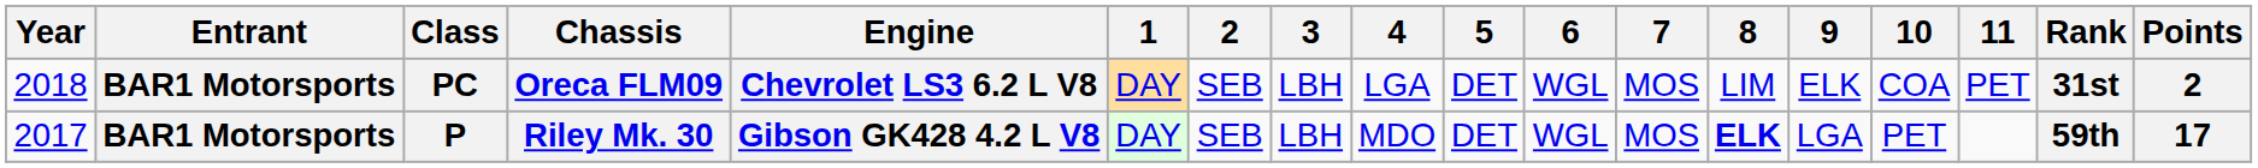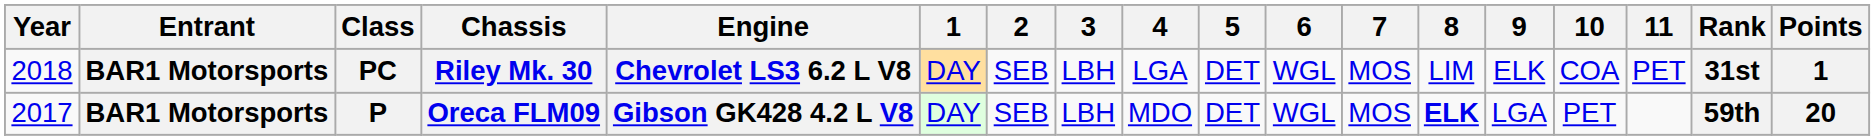 <table class="wikitable" style="text-align:center; font-size:90%">
 <tr>
 <th>Year</th>
 <th>Entrant</th>
 <th>Class</th>
 <th>Chassis</th>
 <th>Engine</th>
 <th>1</th>
 <th>2</th>
 <th>3</th>
 <th>4</th>
 <th>5</th>
 <th>6</th>
 <th>7</th>
 <th>8</th>
 <th>9</th>
 <th>10</th>
 <th>11</th>
 <th>Rank</th>
 <th>Points</th>
 </tr>
 <tr>
 <td><a href='#'>2018</a></td>
 <th>BAR1 Motorsports</th>
 <th>PC</th>
-<th><a href='#'>Oreca FLM09</a></th>
+<th><a href='#'>Riley Mk. 30</a></th>
 <th><a href='#'>Chevrolet</a> <a href='#'>LS3</a> 6.2 L V8</th>
 <td style="background:#ffdf9f;"><a href='#'>DAY</a><br></td>
 <td><a href='#'>SEB</a></td>
 <td><a href='#'>LBH</a></td>
 <td><a href='#'>LGA</a></td>
 <td><a href='#'>DET</a></td>
 <td><a href='#'>WGL</a></td>
 <td><a href='#'>MOS</a></td>
 <td><a href='#'>LIM</a></td>
 <td><a href='#'>ELK</a></td>
 <td><a href='#'>COA</a></td>
 <td><a href='#'>PET</a></td>
 <th>31st</th>
-<th>2</th>
+<th>1</th>
 </tr>
 <tr>
 <td><a href='#'>2017</a></td>
 <th>BAR1 Motorsports</th>
 <th>P</th>
-<th><a href='#'>Riley Mk. 30</a></th>
+<th><a href='#'>Oreca FLM09</a></th>
 <th><a href='#'>Gibson</a> GK428 4.2 L <a href='#'>V8</a></th>
 <td style="background:#DFFFDF;"><a href='#'>DAY</a><br></td>
 <td><a href='#'>SEB</a></td>
 <td><a href='#'>LBH</a></td>
 <td><a href='#'>MDO</a></td>
 <td><a href='#'>DET</a></td>
 <td><a href='#'>WGL</a></td>
 <td><a href='#'>MOS</a></td>
 <td><strong><a href='#'>ELK</a></strong></td>
 <td><a href='#'>LGA</a></td>
 <td><a href='#'>PET</a></td>
 <td></td>
 <th>59th</th>
-<th>17</th>
+<th>20</th>
 </tr>
 </table>
